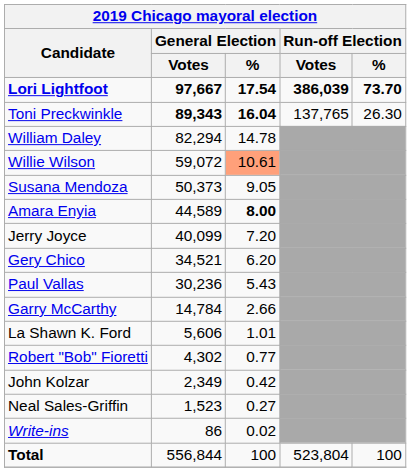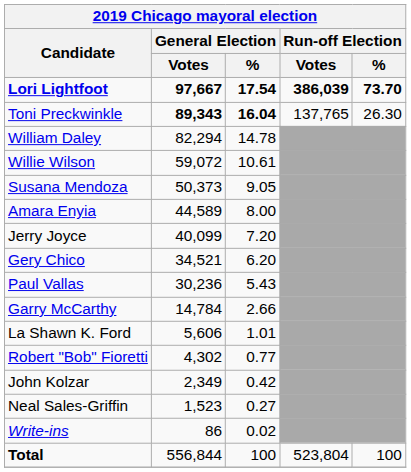 <table class=wikitable>
 <tr>
 <th colspan=5><a href='#'>2019 Chicago mayoral election</a></th>
 </tr>
 <tr>
 <th colspan=1 rowspan=2>Candidate</th>
 <th colspan=2><strong>General Election</strong></th>
 <th colspan=2><strong>Run-off Election</strong></th>
 </tr>
 <tr>
 <th>Votes</th>
 <th>%</th>
 <th>Votes</th>
 <th>%</th>
 </tr>
 <tr>
 <td><strong><a href='#'>Lori Lightfoot</a></strong></td>
 <td align="right"><strong>97,667</strong></td>
 <td align="right"><strong>17.54</strong></td>
 <td align="right"><strong>386,039</strong></td>
 <td align="right"><strong>73.70</strong></td>
 </tr>
 <tr>
 <td><a href='#'>Toni Preckwinkle</a></td>
 <td align="right"><strong>89,343</strong></td>
 <td align="right"><strong>16.04</strong></td>
 <td align="right">137,765</td>
 <td align="right">26.30</td>
 </tr>
 <tr>
 <td><a href='#'>William Daley</a></td>
 <td align="right">82,294</td>
 <td align="right">14.78</td>
 <td colspan=2 bgcolor=darkgray></td>
 </tr>
 <tr>
 <td><a href='#'>Willie Wilson</a></td>
 <td align="right">59,072</td>
-<td align="right" style="background: lightsalmon;">10.61</td>
+<td align="right">10.61</td>
 <td colspan=2 bgcolor=darkgray></td>
 </tr>
 <tr>
 <td><a href='#'>Susana Mendoza</a></td>
 <td align="right">50,373</td>
 <td align="right">9.05</td>
 <td colspan=2 bgcolor=darkgray></td>
 </tr>
 <tr>
 <td><a href='#'>Amara Enyia</a></td>
 <td align="right">44,589</td>
-<td align="right"><strong>8.00</strong></td>
+<td align="right">8.00</td>
 <td colspan=2 bgcolor=darkgray></td>
 </tr>
 <tr>
 <td>Jerry Joyce</td>
 <td align="right">40,099</td>
 <td align="right">7.20</td>
 <td colspan=2 bgcolor=darkgray></td>
 </tr>
 <tr>
 <td><a href='#'>Gery Chico</a></td>
 <td align="right">34,521</td>
 <td align="right">6.20</td>
 <td colspan=2 bgcolor=darkgray></td>
 </tr>
 <tr>
 <td><a href='#'>Paul Vallas</a></td>
 <td align="right">30,236</td>
 <td align="right">5.43</td>
 <td colspan=2 bgcolor=darkgray></td>
 </tr>
 <tr>
 <td><a href='#'>Garry McCarthy</a></td>
 <td align="right">14,784</td>
 <td align="right">2.66</td>
 <td colspan=2 bgcolor=darkgray></td>
 </tr>
 <tr>
 <td>La Shawn K. Ford</td>
 <td align="right">5,606</td>
 <td align="right">1.01</td>
 <td colspan=2 bgcolor=darkgray></td>
 </tr>
 <tr>
 <td><a href='#'>Robert "Bob" Fioretti</a></td>
 <td align="right">4,302</td>
 <td align="right">0.77</td>
 <td colspan=2 bgcolor=darkgray></td>
 </tr>
 <tr>
 <td>John Kolzar</td>
 <td align="right">2,349</td>
 <td align="right">0.42</td>
 <td colspan=2 bgcolor=darkgray></td>
 </tr>
 <tr>
 <td>Neal Sales-Griffin</td>
 <td align="right">1,523</td>
 <td align="right">0.27</td>
 <td colspan=2 bgcolor=darkgray></td>
 </tr>
 <tr>
 <td><em><a href='#'>Write-ins</a></em></td>
 <td align="right">86</td>
 <td align="right">0.02</td>
 <td colspan=2 bgcolor=darkgray></td>
 </tr>
 <tr>
 <td><strong>Total</strong></td>
 <td align="right">556,844</td>
 <td align="right">100</td>
 <td align="right">523,804</td>
 <td align="right">100</td>
 </tr>
 <tr>
 </tr>
 </table>
